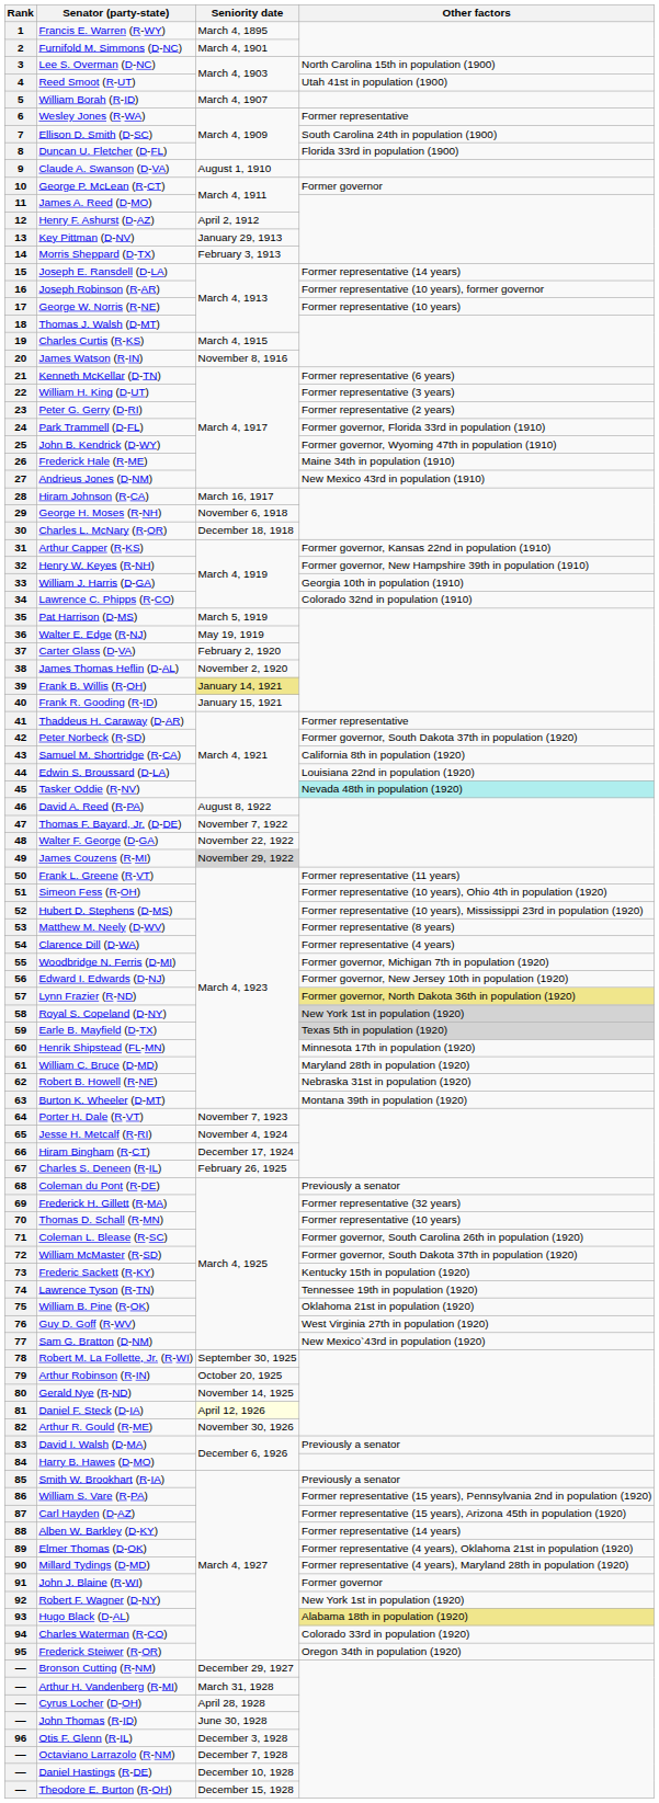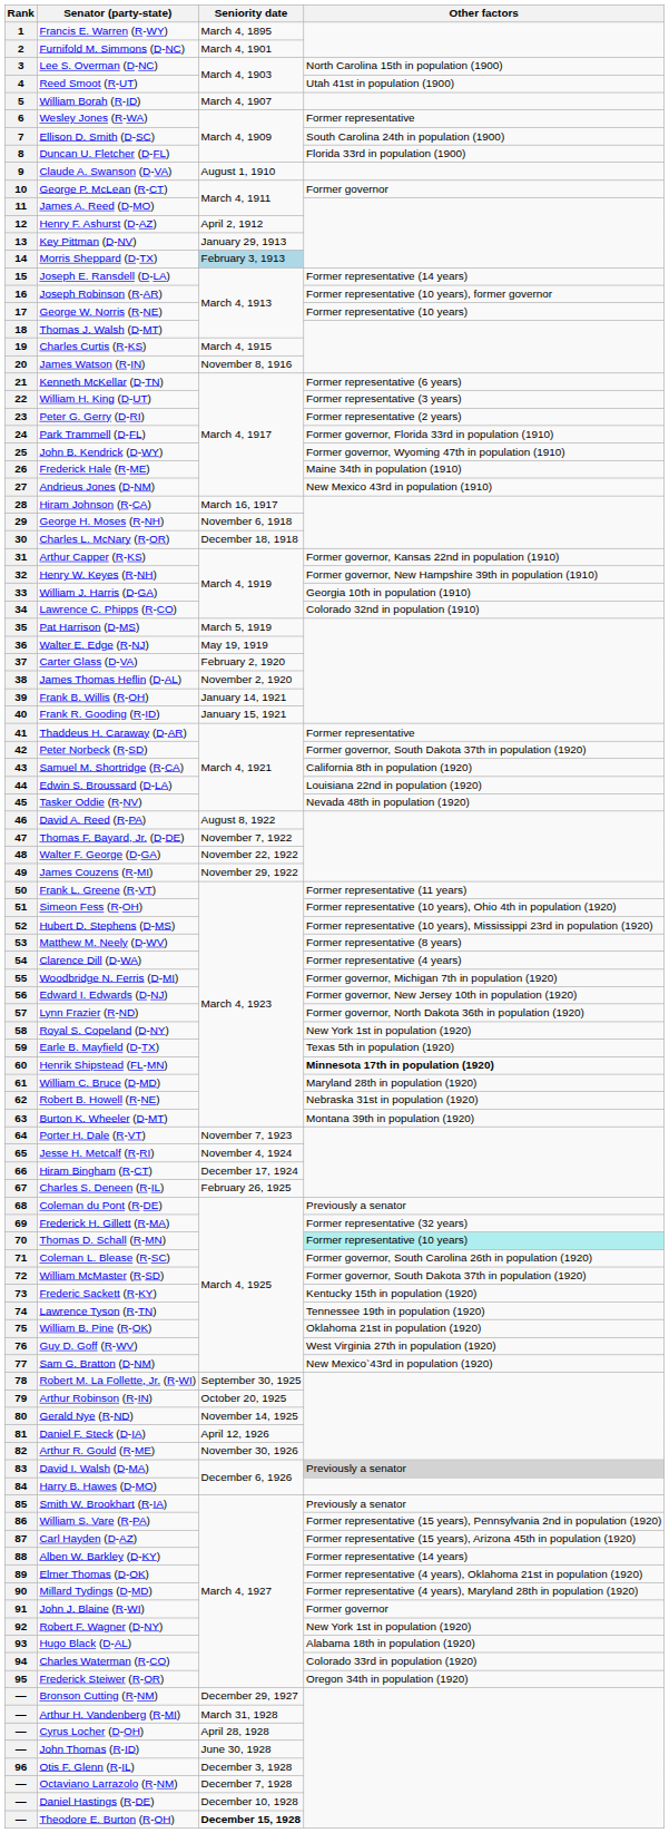 <table class=wikitable>
 <tr valign=bottom>
 <th>Rank</th>
 <th>Senator (party-state)</th>
 <th>Seniority date</th>
 <th>Other factors</th>
 </tr>
 <tr>
 <th>1</th>
 <td><a href='#'>Francis E. Warren</a> (<a href='#'>R</a>-<a href='#'>WY</a>)</td>
 <td>March 4, 1895</td>
 <td rowspan=2></td>
 </tr>
 <tr>
 <th>2</th>
 <td><a href='#'>Furnifold M. Simmons</a> (<a href='#'>D</a>-<a href='#'>NC</a>)</td>
 <td>March 4, 1901</td>
 </tr>
 <tr>
 <th>3</th>
 <td><a href='#'>Lee S. Overman</a> (<a href='#'>D</a>-<a href='#'>NC</a>)</td>
 <td rowspan=2>March 4, 1903</td>
 <td>North Carolina 15th in population (1900)</td>
 </tr>
 <tr>
 <th>4</th>
 <td><a href='#'>Reed Smoot</a> (<a href='#'>R</a>-<a href='#'>UT</a>)</td>
 <td>Utah 41st in population (1900)</td>
 </tr>
 <tr>
 <th>5</th>
 <td><a href='#'>William Borah</a> (<a href='#'>R</a>-<a href='#'>ID</a>)</td>
 <td>March 4, 1907</td>
 <td> </td>
 </tr>
 <tr>
 <th>6</th>
 <td><a href='#'>Wesley Jones</a> (<a href='#'>R</a>-<a href='#'>WA</a>)</td>
 <td rowspan=3>March 4, 1909</td>
 <td>Former representative</td>
 </tr>
 <tr>
 <th>7</th>
 <td><a href='#'>Ellison D. Smith</a> (<a href='#'>D</a>-<a href='#'>SC</a>)</td>
 <td>South Carolina 24th in population (1900)</td>
 </tr>
 <tr>
 <th>8</th>
 <td><a href='#'>Duncan U. Fletcher</a> (<a href='#'>D</a>-<a href='#'>FL</a>)</td>
 <td>Florida 33rd in population (1900)</td>
 </tr>
 <tr>
 <th>9</th>
 <td><a href='#'>Claude A. Swanson</a> (<a href='#'>D</a>-<a href='#'>VA</a>)</td>
 <td>August 1, 1910</td>
 <td></td>
 </tr>
 <tr>
 <th>10</th>
 <td><a href='#'>George P. McLean</a> (<a href='#'>R</a>-<a href='#'>CT</a>)</td>
 <td rowspan=2>March 4, 1911</td>
 <td>Former governor</td>
 </tr>
 <tr>
 <th>11</th>
 <td><a href='#'>James A. Reed</a> (<a href='#'>D</a>-<a href='#'>MO</a>)</td>
 <td rowspan=4></td>
 </tr>
 <tr>
 <th>12</th>
 <td><a href='#'>Henry F. Ashurst</a> (<a href='#'>D</a>-<a href='#'>AZ</a>)</td>
 <td>April 2, 1912</td>
 </tr>
 <tr>
 <th>13</th>
 <td><a href='#'>Key Pittman</a> (<a href='#'>D</a>-<a href='#'>NV</a>)</td>
 <td>January 29, 1913</td>
 </tr>
 <tr>
 <th>14</th>
 <td><a href='#'>Morris Sheppard</a> (<a href='#'>D</a>-<a href='#'>TX</a>)</td>
-<td>February 3, 1913</td>
+<td style="background: lightblue;">February 3, 1913</td>
 </tr>
 <tr>
 <th>15</th>
 <td><a href='#'>Joseph E. Ransdell</a> (<a href='#'>D</a>-<a href='#'>LA</a>)</td>
 <td rowspan=4>March 4, 1913</td>
 <td>Former representative (14 years)</td>
 </tr>
 <tr>
 <th>16</th>
 <td><a href='#'>Joseph Robinson</a> (<a href='#'>R</a>-<a href='#'>AR</a>)</td>
 <td>Former representative (10 years), former governor</td>
 </tr>
 <tr>
 <th>17</th>
 <td><a href='#'>George W. Norris</a> (<a href='#'>R</a>-<a href='#'>NE</a>)</td>
 <td>Former representative (10 years)</td>
 </tr>
 <tr>
 <th>18</th>
 <td><a href='#'>Thomas J. Walsh</a> (<a href='#'>D</a>-<a href='#'>MT</a>)</td>
 <td rowspan=3></td>
 </tr>
 <tr>
 <th>19</th>
 <td><a href='#'>Charles Curtis</a> (<a href='#'>R</a>-<a href='#'>KS</a>) </td>
 <td>March 4, 1915</td>
 </tr>
 <tr>
 <th>20</th>
 <td><a href='#'>James Watson</a> (<a href='#'>R</a>-<a href='#'>IN</a>)</td>
 <td>November 8, 1916</td>
 </tr>
 <tr>
 <th>21</th>
 <td><a href='#'>Kenneth McKellar</a> (<a href='#'>D</a>-<a href='#'>TN</a>)</td>
 <td rowspan=7>March 4, 1917</td>
 <td>Former representative (6 years)</td>
 </tr>
 <tr>
 <th>22</th>
 <td><a href='#'>William H. King</a> (<a href='#'>D</a>-<a href='#'>UT</a>)</td>
 <td>Former representative (3 years)</td>
 </tr>
 <tr>
 <th>23</th>
 <td><a href='#'>Peter G. Gerry</a> (<a href='#'>D</a>-<a href='#'>RI</a>)</td>
 <td>Former representative (2 years)</td>
 </tr>
 <tr>
 <th>24</th>
 <td><a href='#'>Park Trammell</a> (<a href='#'>D</a>-<a href='#'>FL</a>)</td>
 <td>Former governor, Florida 33rd in population (1910)</td>
 </tr>
 <tr>
 <th>25</th>
 <td><a href='#'>John B. Kendrick</a> (<a href='#'>D</a>-<a href='#'>WY</a>)</td>
 <td>Former governor, Wyoming 47th in population (1910)</td>
 </tr>
 <tr>
 <th>26</th>
 <td><a href='#'>Frederick Hale</a> (<a href='#'>R</a>-<a href='#'>ME</a>)</td>
 <td>Maine 34th in population (1910)</td>
 </tr>
 <tr>
 <th>27</th>
 <td><a href='#'>Andrieus Jones</a> (<a href='#'>D</a>-<a href='#'>NM</a>) </td>
 <td>New Mexico 43rd in population (1910)</td>
 </tr>
 <tr>
 <th>28</th>
 <td><a href='#'>Hiram Johnson</a> (<a href='#'>R</a>-<a href='#'>CA</a>)</td>
 <td>March 16, 1917</td>
 <td rowspan=3> </td>
 </tr>
 <tr>
 <th>29</th>
 <td><a href='#'>George H. Moses</a> (<a href='#'>R</a>-<a href='#'>NH</a>)</td>
 <td>November 6, 1918</td>
 </tr>
 <tr>
 <th>30</th>
 <td><a href='#'>Charles L. McNary</a> (<a href='#'>R</a>-<a href='#'>OR</a>)</td>
 <td>December 18, 1918</td>
 </tr>
 <tr>
 <th>31</th>
 <td><a href='#'>Arthur Capper</a> (<a href='#'>R</a>-<a href='#'>KS</a>)</td>
 <td rowspan=4>March 4, 1919</td>
 <td>Former governor, Kansas 22nd in population (1910)</td>
 </tr>
 <tr>
 <th>32</th>
 <td><a href='#'>Henry W. Keyes</a> (<a href='#'>R</a>-<a href='#'>NH</a>)</td>
 <td>Former governor, New Hampshire 39th in population (1910)</td>
 </tr>
 <tr>
 <th>33</th>
 <td><a href='#'>William J. Harris</a> (<a href='#'>D</a>-<a href='#'>GA</a>)</td>
 <td>Georgia 10th in population (1910)</td>
 </tr>
 <tr>
 <th>34</th>
 <td><a href='#'>Lawrence C. Phipps</a> (<a href='#'>R</a>-<a href='#'>CO</a>)</td>
 <td>Colorado 32nd in population (1910)</td>
 </tr>
 <tr>
 <th>35</th>
 <td><a href='#'>Pat Harrison</a> (<a href='#'>D</a>-<a href='#'>MS</a>)</td>
 <td>March 5, 1919</td>
 <td rowspan=6> </td>
 </tr>
 <tr>
 <th>36</th>
 <td><a href='#'>Walter E. Edge</a> (<a href='#'>R</a>-<a href='#'>NJ</a>)</td>
 <td>May 19, 1919</td>
 </tr>
 <tr>
 <th>37</th>
 <td><a href='#'>Carter Glass</a> (<a href='#'>D</a>-<a href='#'>VA</a>)</td>
 <td>February 2, 1920</td>
 </tr>
 <tr>
 <th>38</th>
 <td><a href='#'>James Thomas Heflin</a> (<a href='#'>D</a>-<a href='#'>AL</a>)</td>
 <td>November 2, 1920</td>
 </tr>
 <tr>
 <th>39</th>
 <td><a href='#'>Frank B. Willis</a> (<a href='#'>R</a>-<a href='#'>OH</a>)</td>
-<td style="background: khaki;">January 14, 1921</td>
+<td>January 14, 1921</td>
 </tr>
 <tr>
 <th>40</th>
 <td><a href='#'>Frank R. Gooding</a> (<a href='#'>R</a>-<a href='#'>ID</a>) </td>
 <td>January 15, 1921</td>
 </tr>
 <tr>
 <th>41</th>
 <td><a href='#'>Thaddeus H. Caraway</a> (<a href='#'>D</a>-<a href='#'>AR</a>)</td>
 <td rowspan=5>March 4, 1921</td>
 <td>Former representative</td>
 </tr>
 <tr>
 <th>42</th>
 <td><a href='#'>Peter Norbeck</a> (<a href='#'>R</a>-<a href='#'>SD</a>)</td>
 <td>Former governor, South Dakota 37th in population (1920)</td>
 </tr>
 <tr>
 <th>43</th>
 <td><a href='#'>Samuel M. Shortridge</a> (<a href='#'>R</a>-<a href='#'>CA</a>)</td>
 <td>California 8th in population (1920)</td>
 </tr>
 <tr>
 <th>44</th>
 <td><a href='#'>Edwin S. Broussard</a> (<a href='#'>D</a>-<a href='#'>LA</a>)</td>
 <td>Louisiana 22nd in population (1920)</td>
 </tr>
 <tr>
 <th>45</th>
 <td><a href='#'>Tasker Oddie</a> (<a href='#'>R</a>-<a href='#'>NV</a>)</td>
-<td style="background: paleturquoise;">Nevada 48th in population (1920)</td>
+<td>Nevada 48th in population (1920)</td>
 </tr>
 <tr>
 <th>46</th>
 <td><a href='#'>David A. Reed</a> (<a href='#'>R</a>-<a href='#'>PA</a>)</td>
 <td>August 8, 1922</td>
 <td rowspan=4> </td>
 </tr>
 <tr>
 <th>47</th>
 <td><a href='#'>Thomas F. Bayard, Jr.</a> (<a href='#'>D</a>-<a href='#'>DE</a>)</td>
 <td>November 7, 1922</td>
 </tr>
 <tr>
 <th>48</th>
 <td><a href='#'>Walter F. George</a> (<a href='#'>D</a>-<a href='#'>GA</a>)</td>
 <td>November 22, 1922</td>
 </tr>
 <tr>
 <th>49</th>
 <td><a href='#'>James Couzens</a> (<a href='#'>R</a>-<a href='#'>MI</a>)</td>
-<td style="background: lightgrey;">November 29, 1922</td>
+<td>November 29, 1922</td>
 </tr>
 <tr>
 <th>50</th>
 <td><a href='#'>Frank L. Greene</a> (<a href='#'>R</a>-<a href='#'>VT</a>)</td>
 <td rowspan=14>March 4, 1923</td>
 <td>Former representative (11 years)</td>
 </tr>
 <tr>
 <th>51</th>
 <td><a href='#'>Simeon Fess</a> (<a href='#'>R</a>-<a href='#'>OH</a>)</td>
 <td>Former representative (10 years), Ohio 4th in population (1920)</td>
 </tr>
 <tr>
 <th>52</th>
 <td><a href='#'>Hubert D. Stephens</a> (<a href='#'>D</a>-<a href='#'>MS</a>)</td>
 <td>Former representative (10 years), Mississippi 23rd in population (1920)</td>
 </tr>
 <tr>
 <th>53</th>
 <td><a href='#'>Matthew M. Neely</a> (<a href='#'>D</a>-<a href='#'>WV</a>)</td>
 <td>Former representative (8 years)</td>
 </tr>
 <tr>
 <th>54</th>
 <td><a href='#'>Clarence Dill</a> (<a href='#'>D</a>-<a href='#'>WA</a>)</td>
 <td>Former representative (4 years)</td>
 </tr>
 <tr>
 <th>55</th>
 <td><a href='#'>Woodbridge N. Ferris</a> (<a href='#'>D</a>-<a href='#'>MI</a>) </td>
 <td>Former governor, Michigan 7th in population (1920)</td>
 </tr>
 <tr>
 <th>56</th>
 <td><a href='#'>Edward I. Edwards</a> (<a href='#'>D</a>-<a href='#'>NJ</a>)</td>
 <td>Former governor, New Jersey 10th in population (1920)</td>
 </tr>
 <tr>
 <th>57</th>
 <td><a href='#'>Lynn Frazier</a> (<a href='#'>R</a>-<a href='#'>ND</a>)</td>
-<td style="background: khaki;">Former governor, North Dakota 36th in population (1920)</td>
+<td>Former governor, North Dakota 36th in population (1920)</td>
 </tr>
 <tr>
 <th>58</th>
 <td><a href='#'>Royal S. Copeland</a> (<a href='#'>D</a>-<a href='#'>NY</a>)</td>
-<td style="background: lightgrey;">New York 1st in population (1920)</td>
+<td>New York 1st in population (1920)</td>
 </tr>
 <tr>
 <th>59</th>
 <td><a href='#'>Earle B. Mayfield</a> (<a href='#'>D</a>-<a href='#'>TX</a>)</td>
-<td style="background: lightgrey;">Texas 5th in population (1920)</td>
+<td>Texas 5th in population (1920)</td>
 </tr>
 <tr>
 <th>60</th>
 <td><a href='#'>Henrik Shipstead</a> (<a href='#'>FL</a>-<a href='#'>MN</a>)</td>
-<td>Minnesota 17th in population (1920)</td>
+<td><strong>Minnesota 17th in population (1920)</strong></td>
 </tr>
 <tr>
 <th>61</th>
 <td><a href='#'>William C. Bruce</a> (<a href='#'>D</a>-<a href='#'>MD</a>)</td>
 <td>Maryland 28th in population (1920)</td>
 </tr>
 <tr>
 <th>62</th>
 <td><a href='#'>Robert B. Howell</a> (<a href='#'>R</a>-<a href='#'>NE</a>)</td>
 <td>Nebraska 31st in population (1920)</td>
 </tr>
 <tr>
 <th>63</th>
 <td><a href='#'>Burton K. Wheeler</a> (<a href='#'>D</a>-<a href='#'>MT</a>)</td>
 <td>Montana 39th in population (1920)</td>
 </tr>
 <tr>
 <th>64</th>
 <td><a href='#'>Porter H. Dale</a> (<a href='#'>R</a>-<a href='#'>VT</a>)</td>
 <td>November 7, 1923</td>
 <td rowspan=4> </td>
 </tr>
 <tr>
 <th>65</th>
 <td><a href='#'>Jesse H. Metcalf</a> (<a href='#'>R</a>-<a href='#'>RI</a>)</td>
 <td>November 4, 1924</td>
 </tr>
 <tr>
 <th>66</th>
 <td><a href='#'>Hiram Bingham</a> (<a href='#'>R</a>-<a href='#'>CT</a>)</td>
 <td>December 17, 1924</td>
 </tr>
 <tr>
 <th>67</th>
 <td><a href='#'>Charles S. Deneen</a> (<a href='#'>R</a>-<a href='#'>IL</a>)</td>
 <td>February 26, 1925</td>
 </tr>
 <tr>
 <th>68</th>
 <td><a href='#'>Coleman du Pont</a> (<a href='#'>R</a>-<a href='#'>DE</a>) </td>
 <td rowspan=10>March 4, 1925</td>
 <td>Previously a senator</td>
 </tr>
 <tr>
 <th>69</th>
 <td><a href='#'>Frederick H. Gillett</a> (<a href='#'>R</a>-<a href='#'>MA</a>)</td>
 <td>Former representative (32 years)</td>
 </tr>
 <tr>
 <th>70</th>
 <td><a href='#'>Thomas D. Schall</a> (<a href='#'>R</a>-<a href='#'>MN</a>)</td>
-<td>Former representative (10 years)</td>
+<td style="background: paleturquoise;">Former representative (10 years)</td>
 </tr>
 <tr>
 <th>71</th>
 <td><a href='#'>Coleman L. Blease</a> (<a href='#'>R</a>-<a href='#'>SC</a>)</td>
 <td>Former governor, South Carolina 26th in population (1920)</td>
 </tr>
 <tr>
 <th>72</th>
 <td><a href='#'>William McMaster</a> (<a href='#'>R</a>-<a href='#'>SD</a>)</td>
 <td>Former governor, South Dakota 37th in population (1920)</td>
 </tr>
 <tr>
 <th>73</th>
 <td><a href='#'>Frederic Sackett</a> (<a href='#'>R</a>-<a href='#'>KY</a>)</td>
 <td>Kentucky 15th in population (1920)</td>
 </tr>
 <tr>
 <th>74</th>
 <td><a href='#'>Lawrence Tyson</a> (<a href='#'>R</a>-<a href='#'>TN</a>)</td>
 <td>Tennessee 19th in population (1920)</td>
 </tr>
 <tr>
 <th>75</th>
 <td><a href='#'>William B. Pine</a> (<a href='#'>R</a>-<a href='#'>OK</a>)</td>
 <td>Oklahoma 21st in population (1920)</td>
 </tr>
 <tr>
 <th>76</th>
 <td><a href='#'>Guy D. Goff</a> (<a href='#'>R</a>-<a href='#'>WV</a>)</td>
 <td>West Virginia 27th in population (1920)</td>
 </tr>
 <tr>
 <th>77</th>
 <td><a href='#'>Sam G. Bratton</a> (<a href='#'>D</a>-<a href='#'>NM</a>)</td>
 <td>New Mexico`43rd in population (1920)</td>
 </tr>
 <tr>
 <th>78</th>
 <td><a href='#'>Robert M. La Follette, Jr.</a> (<a href='#'>R</a>-<a href='#'>WI</a>)</td>
 <td>September 30, 1925</td>
 <td rowspan=5> </td>
 </tr>
 <tr>
 <th>79</th>
 <td><a href='#'>Arthur Robinson</a> (<a href='#'>R</a>-<a href='#'>IN</a>)</td>
 <td>October 20, 1925</td>
 </tr>
 <tr>
 <th>80</th>
 <td><a href='#'>Gerald Nye</a> (<a href='#'>R</a>-<a href='#'>ND</a>)</td>
 <td>November 14, 1925</td>
 </tr>
 <tr>
 <th>81</th>
 <td><a href='#'>Daniel F. Steck</a> (<a href='#'>D</a>-<a href='#'>IA</a>)</td>
-<td style="background: lightyellow;">April 12, 1926</td>
+<td>April 12, 1926</td>
 </tr>
 <tr>
 <th>82</th>
 <td><a href='#'>Arthur R. Gould</a> (<a href='#'>R</a>-<a href='#'>ME</a>)</td>
 <td>November 30, 1926</td>
 </tr>
 <tr>
 <th>83</th>
 <td><a href='#'>David I. Walsh</a> (<a href='#'>D</a>-<a href='#'>MA</a>)</td>
 <td rowspan=2>December 6, 1926</td>
-<td>Previously a senator</td>
+<td style="background: lightgrey;">Previously a senator</td>
 </tr>
 <tr>
 <th>84</th>
 <td><a href='#'>Harry B. Hawes</a> (<a href='#'>D</a>-<a href='#'>MO</a>)</td>
 <td></td>
 </tr>
 <tr>
 <th>85</th>
 <td><a href='#'>Smith W. Brookhart</a> (<a href='#'>R</a>-<a href='#'>IA</a>)</td>
 <td rowspan=11>March 4, 1927</td>
 <td>Previously a senator</td>
 </tr>
 <tr>
 <th>86</th>
 <td><a href='#'>William S. Vare</a> (<a href='#'>R</a>-<a href='#'>PA</a>)</td>
 <td>Former representative (15 years), Pennsylvania 2nd in population (1920)</td>
 </tr>
 <tr>
 <th>87</th>
 <td><a href='#'>Carl Hayden</a> (<a href='#'>D</a>-<a href='#'>AZ</a>)</td>
 <td>Former representative (15 years), Arizona 45th in population (1920)</td>
 </tr>
 <tr>
 <th>88</th>
 <td><a href='#'>Alben W. Barkley</a> (<a href='#'>D</a>-<a href='#'>KY</a>)</td>
 <td>Former representative (14 years)</td>
 </tr>
 <tr>
 <th>89</th>
 <td><a href='#'>Elmer Thomas</a> (<a href='#'>D</a>-<a href='#'>OK</a>)</td>
 <td>Former representative (4 years), Oklahoma 21st in population (1920)</td>
 </tr>
 <tr>
 <th>90</th>
 <td><a href='#'>Millard Tydings</a> (<a href='#'>D</a>-<a href='#'>MD</a>)</td>
 <td>Former representative (4 years), Maryland 28th in population (1920)</td>
 </tr>
 <tr>
 <th>91</th>
 <td><a href='#'>John J. Blaine</a> (<a href='#'>R</a>-<a href='#'>WI</a>)</td>
 <td>Former governor</td>
 </tr>
 <tr>
 <th>92</th>
 <td><a href='#'>Robert F. Wagner</a> (<a href='#'>D</a>-<a href='#'>NY</a>)</td>
 <td>New York 1st in population (1920)</td>
 </tr>
 <tr>
 <th>93</th>
 <td><a href='#'>Hugo Black</a> (<a href='#'>D</a>-<a href='#'>AL</a>)</td>
-<td style="background: khaki;">Alabama 18th in population (1920)</td>
+<td>Alabama 18th in population (1920)</td>
 </tr>
 <tr>
 <th>94</th>
 <td><a href='#'>Charles Waterman</a> (<a href='#'>R</a>-<a href='#'>CO</a>)</td>
 <td>Colorado 33rd in population (1920)</td>
 </tr>
 <tr>
 <th>95</th>
 <td><a href='#'>Frederick Steiwer</a> (<a href='#'>R</a>-<a href='#'>OR</a>)</td>
 <td>Oregon 34th in population (1920)</td>
 </tr>
 <tr>
 <th>—</th>
 <td><a href='#'>Bronson Cutting</a> (<a href='#'>R</a>-<a href='#'>NM</a>) </td>
 <td>December 29, 1927</td>
 <td rowspan=8> </td>
 </tr>
 <tr>
 <th>—</th>
 <td><a href='#'>Arthur H. Vandenberg</a> (<a href='#'>R</a>-<a href='#'>MI</a>)</td>
 <td>March 31, 1928</td>
 </tr>
 <tr>
 <th>—</th>
 <td><a href='#'>Cyrus Locher</a> (<a href='#'>D</a>-<a href='#'>OH</a>) </td>
 <td>April 28, 1928</td>
 </tr>
 <tr>
 <th>—</th>
 <td><a href='#'>John Thomas</a> (<a href='#'>R</a>-<a href='#'>ID</a>)</td>
 <td>June 30, 1928</td>
 </tr>
 <tr>
 <th>96</th>
 <td><a href='#'>Otis F. Glenn</a> (<a href='#'>R</a>-<a href='#'>IL</a>)</td>
 <td>December 3, 1928</td>
 </tr>
 <tr>
 <th>—</th>
 <td><a href='#'>Octaviano Larrazolo</a> (<a href='#'>R</a>-<a href='#'>NM</a>)</td>
 <td>December 7, 1928</td>
 </tr>
 <tr>
 <th>—</th>
 <td><a href='#'>Daniel Hastings</a> (<a href='#'>R</a>-<a href='#'>DE</a>)</td>
 <td>December 10, 1928</td>
 </tr>
 <tr>
 <th>—</th>
 <td><a href='#'>Theodore E. Burton</a> (<a href='#'>R</a>-<a href='#'>OH</a>)</td>
-<td>December 15, 1928</td>
+<td><strong>December 15, 1928</strong></td>
 </tr>
 </table>
